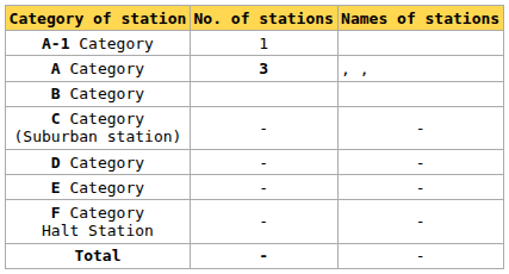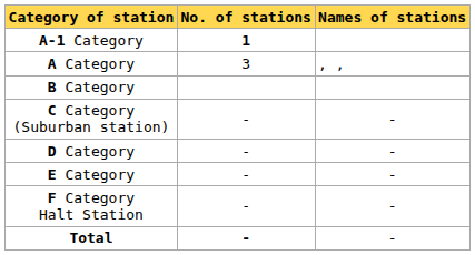 <table class="wikitable sortable" style="background:#fff;">
 <tr>
 <th style="background:#ffd750;">Category of station</th>
 <th style="background:#ffd750;">No. of stations</th>
 <th style="background:#ffd750;">Names of stations</th>
 </tr>
 <tr>
 <td style="text-align:center;"><strong>A-1</strong> Category</td>
-<td style="text-align:center;">1</td>
+<td style="text-align:center;"><strong>1</strong></td>
 <td style="text-align:center;"></td>
 </tr>
 <tr>
 <td style="text-align:center;"><strong>A</strong> Category</td>
-<td style="text-align:center;"><strong>3</strong></td>
+<td style="text-align:center;">3</td>
 <td style="text-align:center,">, ,<br></td>
 </tr>
 <tr>
 </tr>
 <tr>
 <td style="text-align:center;"><strong>B</strong> Category</td>
 <td style="text-align:center;"></td>
 <td style="text-align:center;"></td>
 </tr>
 <tr>
 <td style="text-align:center;"><strong>C</strong> Category<br>(Suburban station)</td>
 <td style="text-align:center;">-</td>
 <td style="text-align:center;">-</td>
 </tr>
 <tr>
 </tr>
 <tr>
 <td style="text-align:center;"><strong>D</strong> Category</td>
 <td style="text-align:center;">-</td>
 <td style="text-align:center;">-</td>
 </tr>
 <tr>
 <td style="text-align:center;"><strong>E</strong> Category</td>
 <td style="text-align:center;">-</td>
 <td style="text-align:center;">-</td>
 </tr>
 <tr>
 </tr>
 <tr>
 <td style="text-align:center;"><strong>F</strong> Category<br>Halt Station</td>
 <td style="text-align:center;">-</td>
 <td style="text-align:center;">-</td>
 </tr>
 <tr>
 <td style="text-align:center;"><strong>Total</strong></td>
 <td style="text-align:center;"><strong>-</strong></td>
 <td style="text-align:center;">-</td>
 </tr>
 </table>
